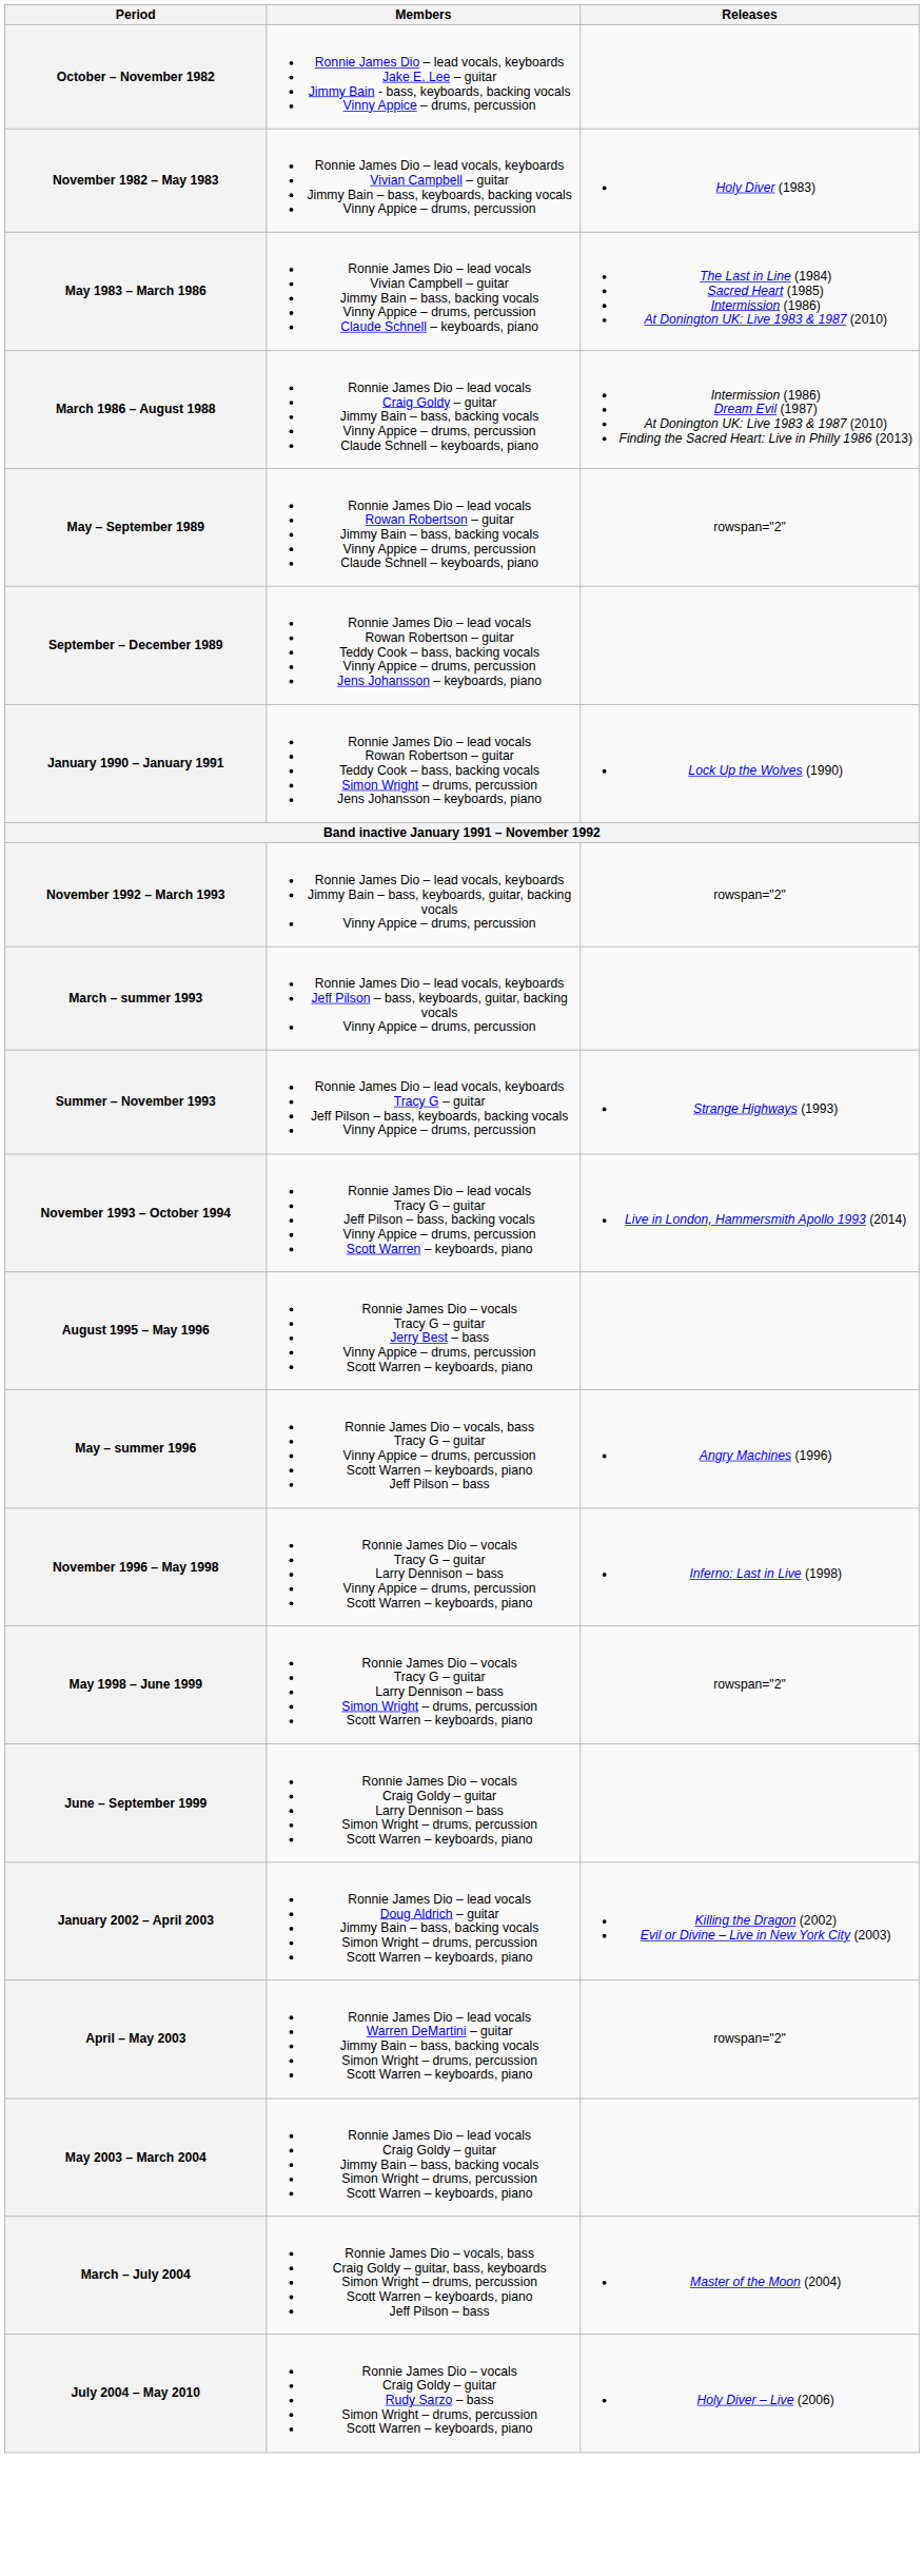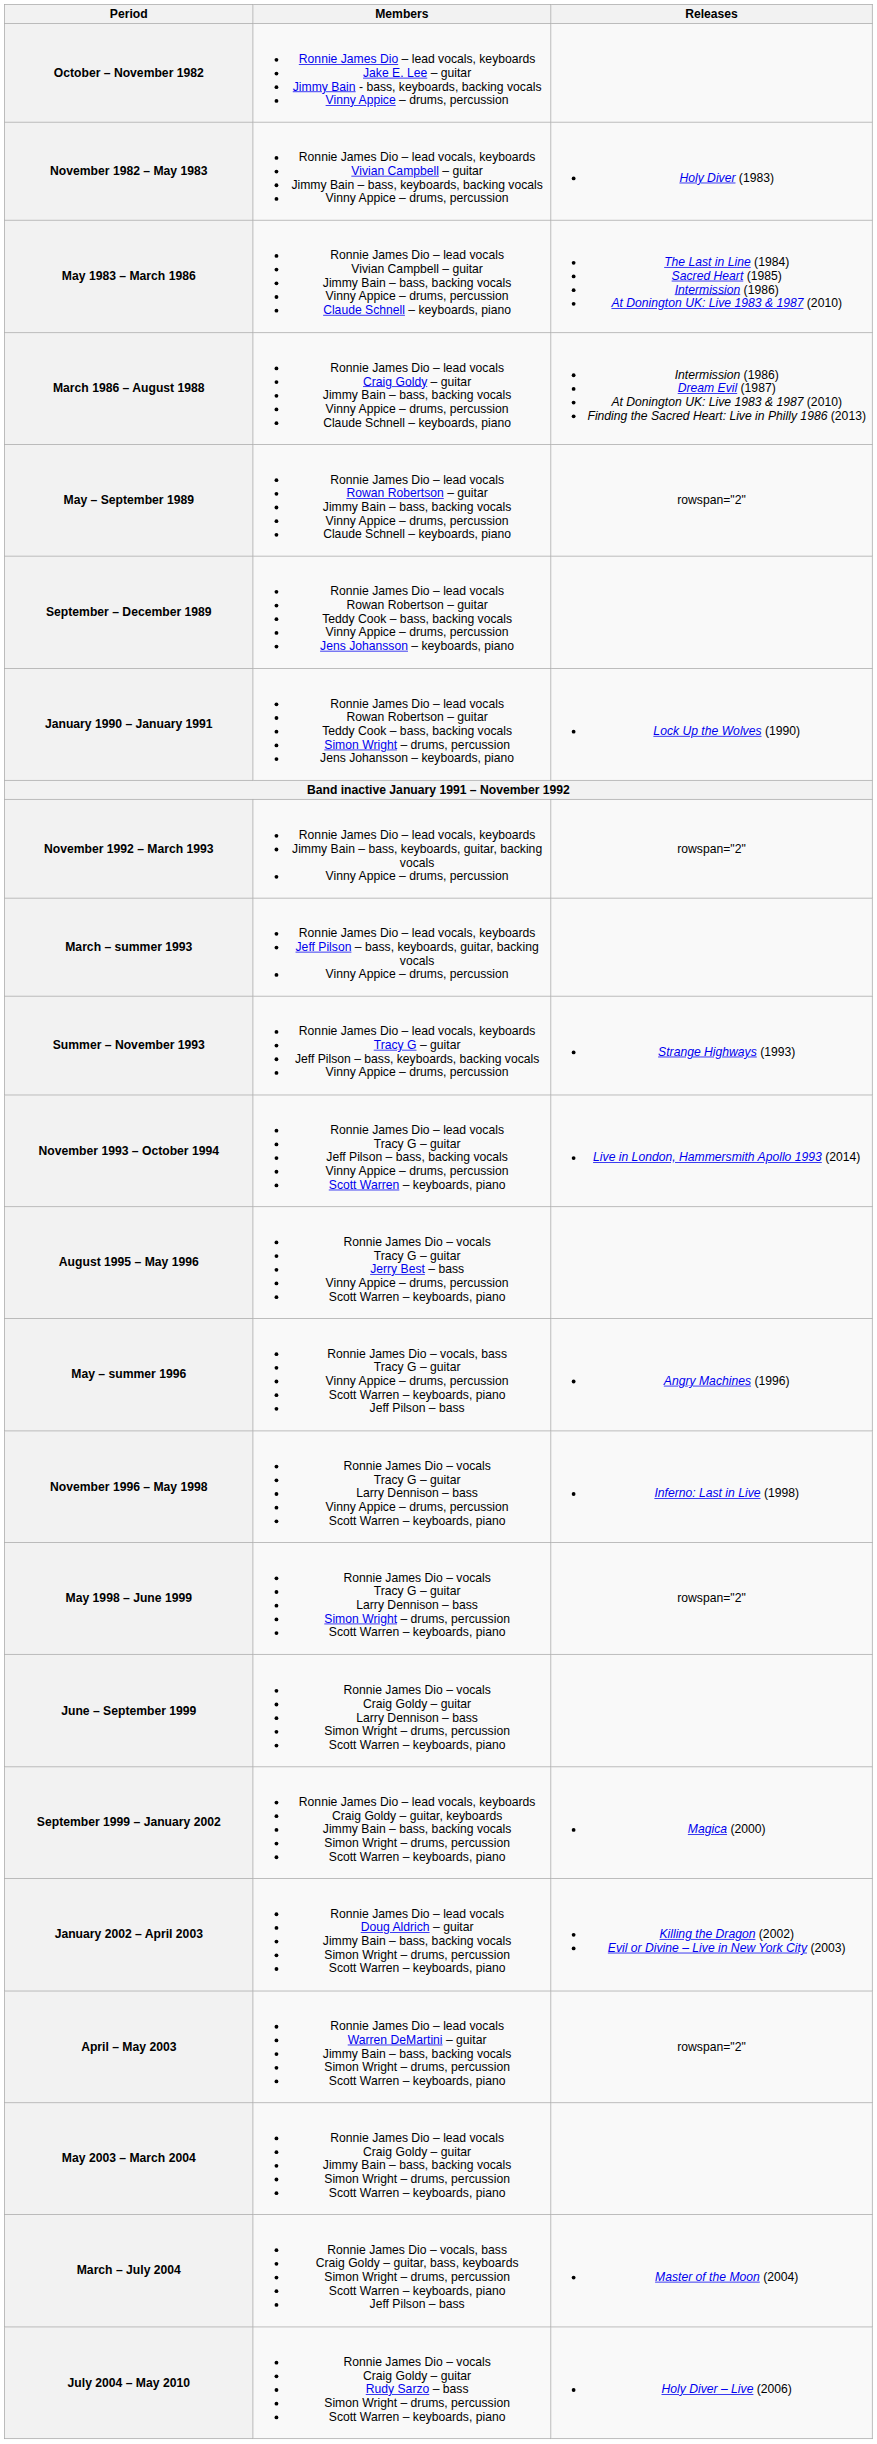 <table class="wikitable plainrowheaders" style="text-align:center;">
 <tr>
 <th scope="col" style="width:20em;">Period</th>
 <th scope="col" style="width:24em;">Members</th>
 <th scope="col" style="width:26em;">Releases</th>
 </tr>
 <tr>
 <th scope="col">October – November 1982</th>
 <td><br><ul><li><a href='#'>Ronnie James Dio</a> – lead vocals, keyboards</li><li><a href='#'>Jake E. Lee</a> – guitar</li><li><a href='#'>Jimmy Bain</a> - bass, keyboards, backing vocals</li><li><a href='#'>Vinny Appice</a> – drums, percussion</li></ul></td>
 <td></td>
 </tr>
 <tr>
 <th scope="col">November 1982 – May 1983</th>
 <td><br><ul><li>Ronnie James Dio – lead vocals, keyboards</li><li><a href='#'>Vivian Campbell</a> – guitar</li><li>Jimmy Bain – bass, keyboards, backing vocals</li><li>Vinny Appice – drums, percussion</li></ul></td>
 <td><br><ul><li><em><a href='#'>Holy Diver</a></em> (1983)</li></ul></td>
 </tr>
 <tr>
 <th scope="col">May 1983 – March 1986</th>
 <td><br><ul><li>Ronnie James Dio – lead vocals</li><li>Vivian Campbell – guitar</li><li>Jimmy Bain – bass, backing vocals</li><li>Vinny Appice – drums, percussion</li><li><a href='#'>Claude Schnell</a> – keyboards, piano</li></ul></td>
 <td><br><ul><li><em><a href='#'>The Last in Line</a></em> (1984)</li><li><em><a href='#'>Sacred Heart</a></em> (1985)</li><li><em><a href='#'>Intermission</a></em> (1986) </li><li><em><a href='#'>At Donington UK: Live 1983 & 1987</a></em> (2010)</li></ul></td>
 </tr>
 <tr>
 <th scope="col">March 1986 – August 1988</th>
 <td><br><ul><li>Ronnie James Dio – lead vocals</li><li><a href='#'>Craig Goldy</a> – guitar</li><li>Jimmy Bain – bass, backing vocals</li><li>Vinny Appice – drums, percussion</li><li>Claude Schnell – keyboards, piano</li></ul></td>
 <td><br><ul><li><em>Intermission</em> (1986) </li><li><em><a href='#'>Dream Evil</a></em> (1987)</li><li><em>At Donington UK: Live 1983 & 1987</em> (2010)</li><li><em>Finding the Sacred Heart: Live in Philly 1986</em> (2013)</li></ul></td>
 </tr>
 <tr>
 <th scope="col">May – September 1989</th>
 <td><br><ul><li>Ronnie James Dio – lead vocals</li><li><a href='#'>Rowan Robertson</a> – guitar</li><li>Jimmy Bain – bass, backing vocals</li><li>Vinny Appice – drums, percussion</li><li>Claude Schnell – keyboards, piano</li></ul></td>
 <td>rowspan="2" </td>
 </tr>
 <tr>
 <th scope="col">September – December 1989</th>
 <td><br><ul><li>Ronnie James Dio – lead vocals</li><li>Rowan Robertson – guitar</li><li>Teddy Cook – bass, backing vocals</li><li>Vinny Appice – drums, percussion</li><li><a href='#'>Jens Johansson</a> – keyboards, piano</li></ul></td>
 </tr>
 <tr>
 <th scope="col">January 1990 – January 1991</th>
 <td><br><ul><li>Ronnie James Dio – lead vocals</li><li>Rowan Robertson – guitar</li><li>Teddy Cook – bass, backing vocals</li><li><a href='#'>Simon Wright</a> – drums, percussion</li><li>Jens Johansson – keyboards, piano</li></ul></td>
 <td><br><ul><li><em><a href='#'>Lock Up the Wolves</a></em> (1990)</li></ul></td>
 </tr>
 <tr>
 <th scope="col" colspan="3">Band inactive January 1991 – November 1992</th>
 </tr>
 <tr>
 <th scope="col">November 1992 – March 1993</th>
 <td><br><ul><li>Ronnie James Dio – lead vocals, keyboards</li><li>Jimmy Bain – bass, keyboards, guitar, backing vocals</li><li>Vinny Appice – drums, percussion</li></ul></td>
 <td>rowspan="2" </td>
 </tr>
 <tr>
 <th scope="col">March – summer 1993</th>
 <td><br><ul><li>Ronnie James Dio – lead vocals, keyboards</li><li><a href='#'>Jeff Pilson</a> – bass, keyboards, guitar, backing vocals</li><li>Vinny Appice – drums, percussion</li></ul></td>
 </tr>
 <tr>
 <th scope="col">Summer – November 1993</th>
 <td><br><ul><li>Ronnie James Dio – lead vocals, keyboards</li><li><a href='#'>Tracy G</a> – guitar</li><li>Jeff Pilson – bass, keyboards, backing vocals</li><li>Vinny Appice – drums, percussion</li></ul></td>
 <td><br><ul><li><em><a href='#'>Strange Highways</a></em> (1993)</li></ul></td>
 </tr>
 <tr>
 <th scope="col">November 1993 – October 1994</th>
 <td><br><ul><li>Ronnie James Dio – lead vocals</li><li>Tracy G – guitar</li><li>Jeff Pilson – bass, backing vocals</li><li>Vinny Appice – drums, percussion</li><li><a href='#'>Scott Warren</a> – keyboards, piano</li></ul></td>
 <td><br><ul><li><em><a href='#'>Live in London, Hammersmith Apollo 1993</a></em> (2014)</li></ul></td>
 </tr>
 <tr>
 <th scope="col">August 1995 – May 1996</th>
 <td><br><ul><li>Ronnie James Dio – vocals</li><li>Tracy G – guitar</li><li><a href='#'>Jerry Best</a> – bass</li><li>Vinny Appice – drums, percussion</li><li>Scott Warren – keyboards, piano</li></ul></td>
 <td></td>
 </tr>
 <tr>
 <th scope="col">May – summer 1996</th>
 <td><br><ul><li>Ronnie James Dio – vocals, bass</li><li>Tracy G – guitar</li><li>Vinny Appice – drums, percussion</li><li>Scott Warren – keyboards, piano</li><li>Jeff Pilson – bass </li></ul></td>
 <td><br><ul><li><em><a href='#'>Angry Machines</a></em> (1996)</li></ul></td>
 </tr>
 <tr>
 <th scope="col">November 1996 – May 1998</th>
 <td><br><ul><li>Ronnie James Dio – vocals</li><li>Tracy G – guitar</li><li>Larry Dennison – bass</li><li>Vinny Appice – drums, percussion</li><li>Scott Warren – keyboards, piano</li></ul></td>
 <td><br><ul><li><em><a href='#'>Inferno: Last in Live</a></em> (1998)</li></ul></td>
 </tr>
 <tr>
 <th scope="col">May 1998 – June 1999</th>
 <td><br><ul><li>Ronnie James Dio – vocals</li><li>Tracy G – guitar</li><li>Larry Dennison – bass</li><li><a href='#'>Simon Wright</a> – drums, percussion</li><li>Scott Warren – keyboards, piano</li></ul></td>
 <td>rowspan="2" </td>
 </tr>
 <tr>
 <th scope="col">June – September 1999</th>
 <td><br><ul><li>Ronnie James Dio – vocals</li><li>Craig Goldy – guitar</li><li>Larry Dennison – bass</li><li>Simon Wright – drums, percussion</li><li>Scott Warren – keyboards, piano</li></ul></td>
 </tr>
 <tr>
+<th scope="col">September 1999 – January 2002</th>
+<td><br><ul><li>Ronnie James Dio – lead vocals, keyboards</li><li>Craig Goldy – guitar, keyboards</li><li>Jimmy Bain – bass, backing vocals</li><li>Simon Wright – drums, percussion</li><li>Scott Warren – keyboards, piano</li></ul></td>
+<td><br><ul><li><em><a href='#'>Magica</a></em> (2000)</li></ul></td>
+</tr>
+<tr>
 <th scope="col">January 2002 – April 2003</th>
 <td><br><ul><li>Ronnie James Dio – lead vocals</li><li><a href='#'>Doug Aldrich</a> – guitar</li><li>Jimmy Bain – bass, backing vocals</li><li>Simon Wright – drums, percussion</li><li>Scott Warren – keyboards, piano</li></ul></td>
 <td><br><ul><li><em><a href='#'>Killing the Dragon</a></em> (2002)</li><li><em><a href='#'>Evil or Divine – Live in New York City</a></em> (2003)</li></ul></td>
 </tr>
 <tr>
 <th scope="col">April – May 2003</th>
 <td><br><ul><li>Ronnie James Dio – lead vocals</li><li><a href='#'>Warren DeMartini</a> – guitar</li><li>Jimmy Bain – bass, backing vocals</li><li>Simon Wright – drums, percussion</li><li>Scott Warren – keyboards, piano</li></ul></td>
 <td>rowspan="2" </td>
 </tr>
 <tr>
 <th scope="col">May 2003 – March 2004</th>
 <td><br><ul><li>Ronnie James Dio – lead vocals</li><li>Craig Goldy – guitar</li><li>Jimmy Bain – bass, backing vocals</li><li>Simon Wright – drums, percussion</li><li>Scott Warren – keyboards, piano</li></ul></td>
 </tr>
 <tr>
 <th scope="col">March – July 2004</th>
 <td><br><ul><li>Ronnie James Dio – vocals, bass</li><li>Craig Goldy – guitar, bass, keyboards</li><li>Simon Wright – drums, percussion</li><li>Scott Warren – keyboards, piano</li><li>Jeff Pilson – bass </li></ul></td>
 <td><br><ul><li><em><a href='#'>Master of the Moon</a></em> (2004)</li></ul></td>
 </tr>
 <tr>
 <th scope="col">July 2004 – May 2010</th>
 <td><br><ul><li>Ronnie James Dio – vocals</li><li>Craig Goldy – guitar</li><li><a href='#'>Rudy Sarzo</a> – bass</li><li>Simon Wright – drums, percussion</li><li>Scott Warren – keyboards, piano</li></ul></td>
 <td><br><ul><li><em><a href='#'>Holy Diver – Live</a></em> (2006)<br></li></ul></td>
 </tr>
 </table>
